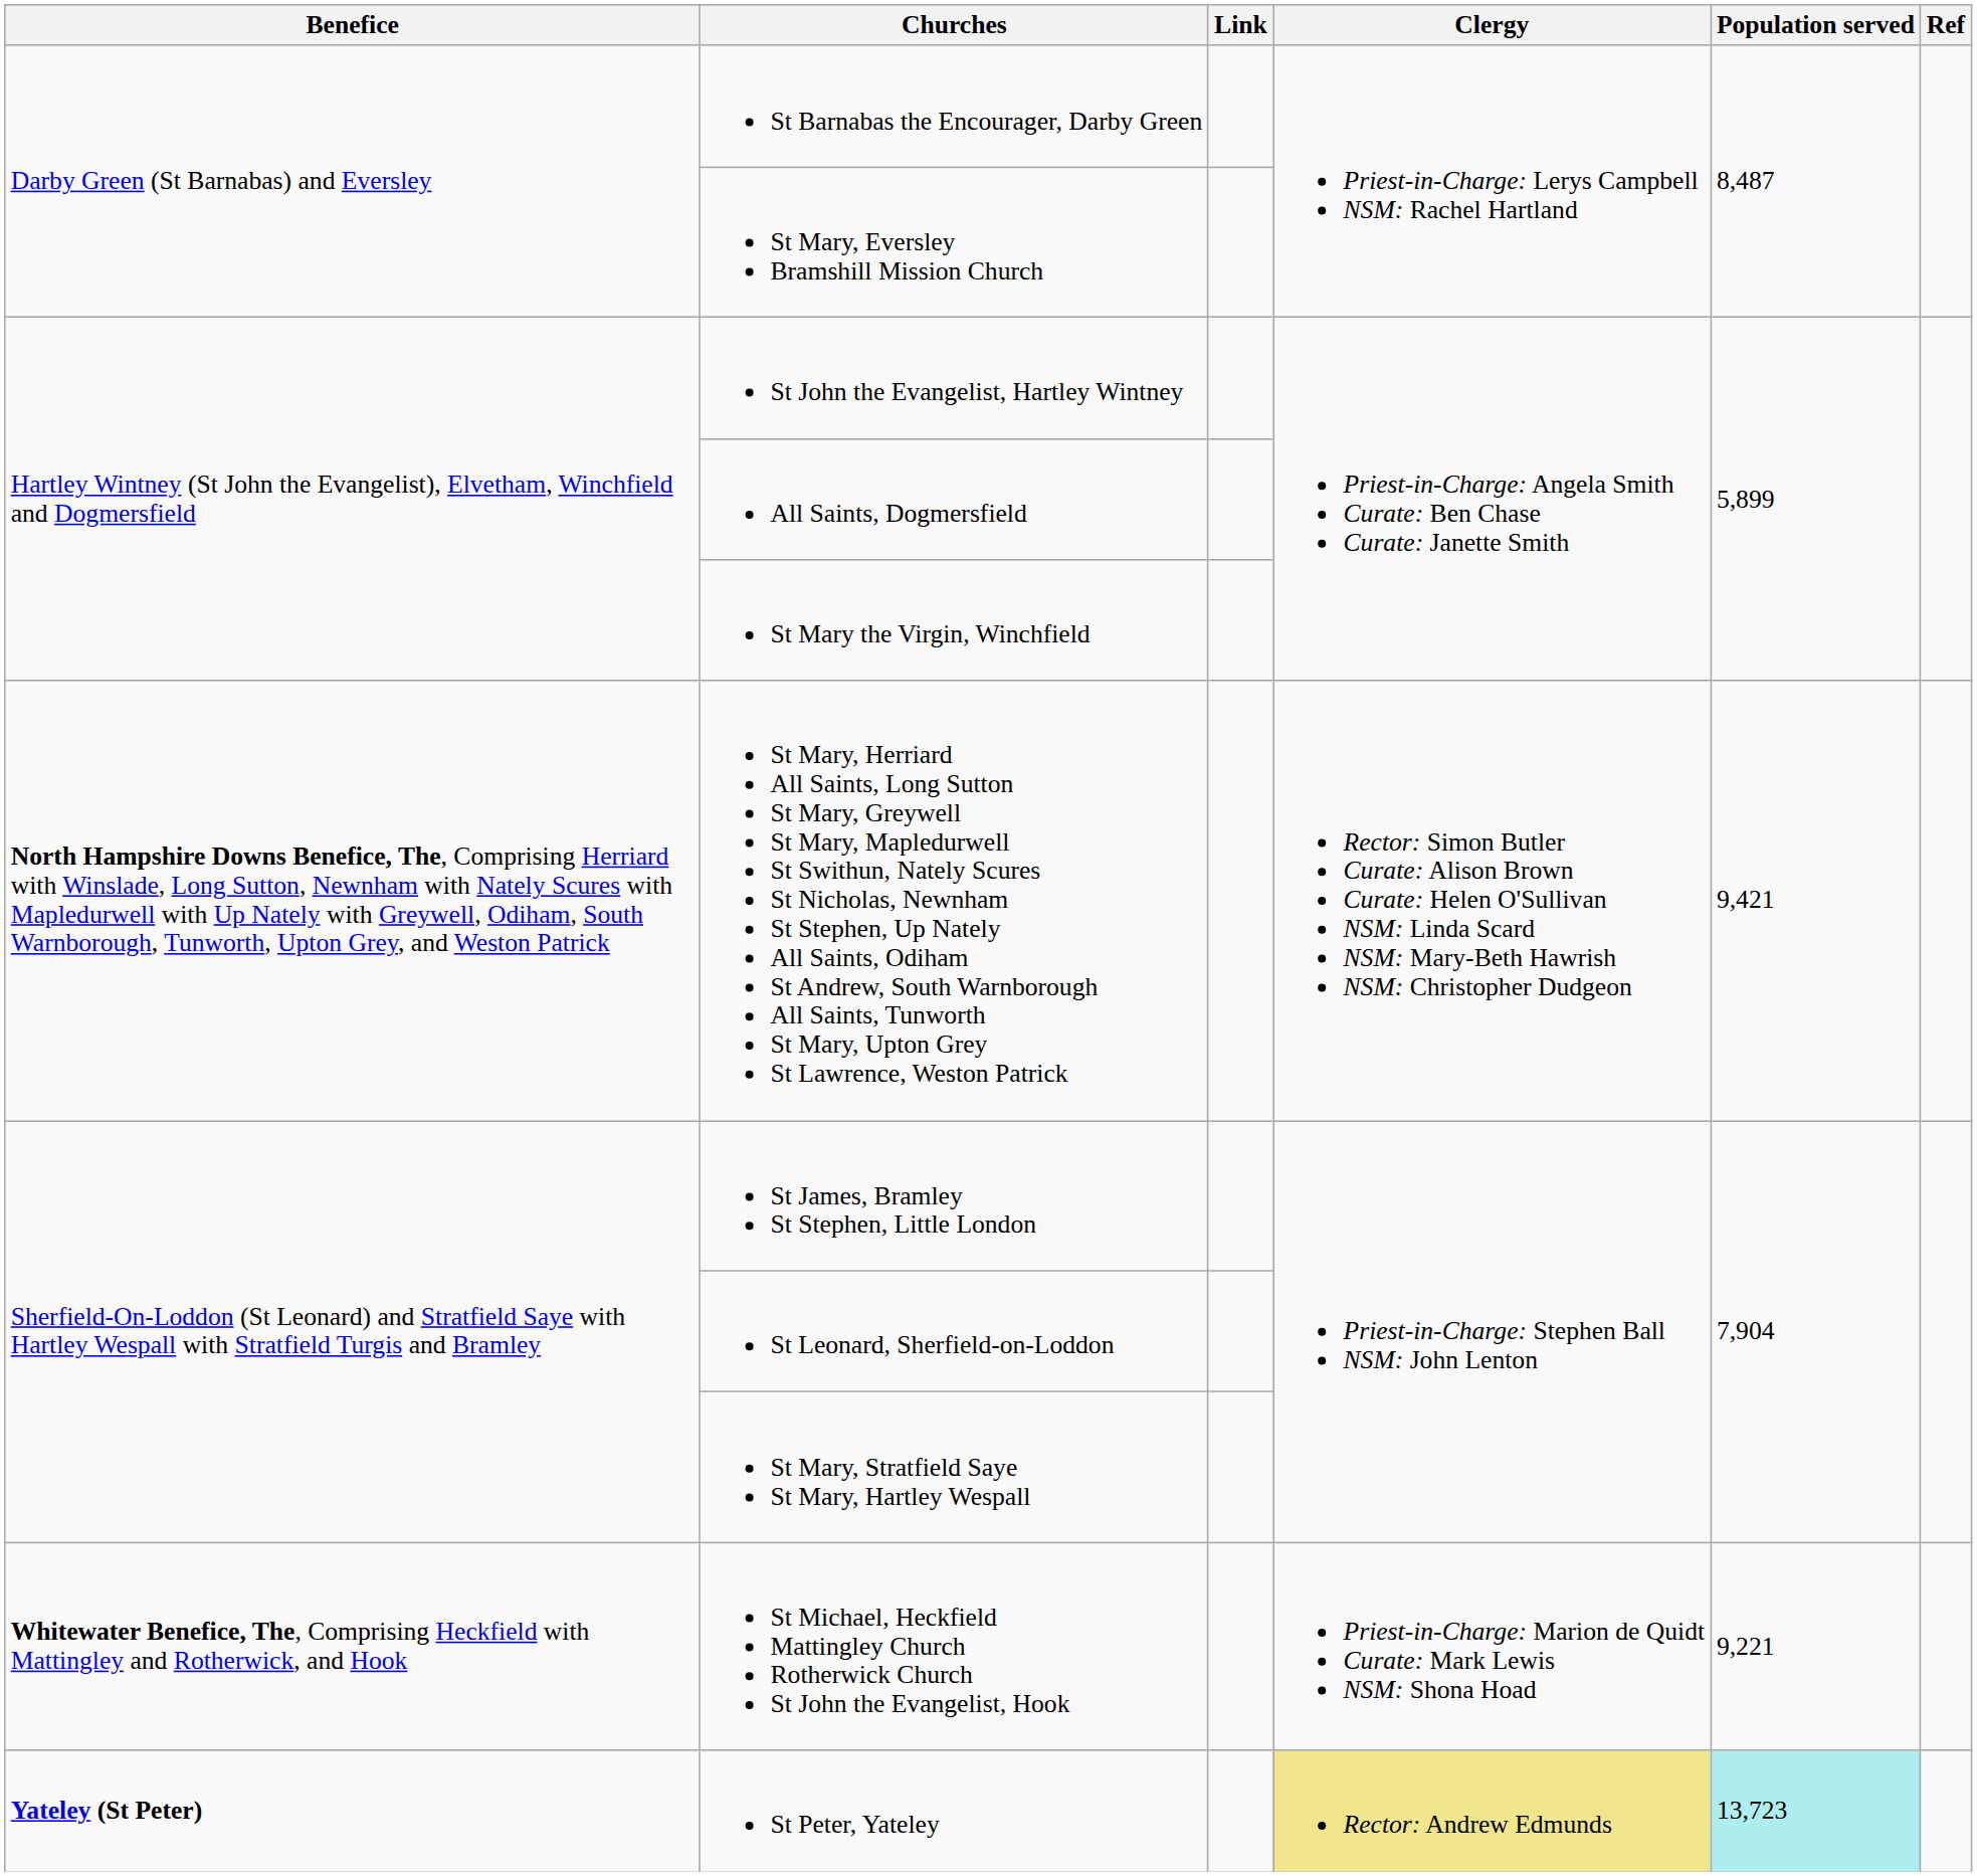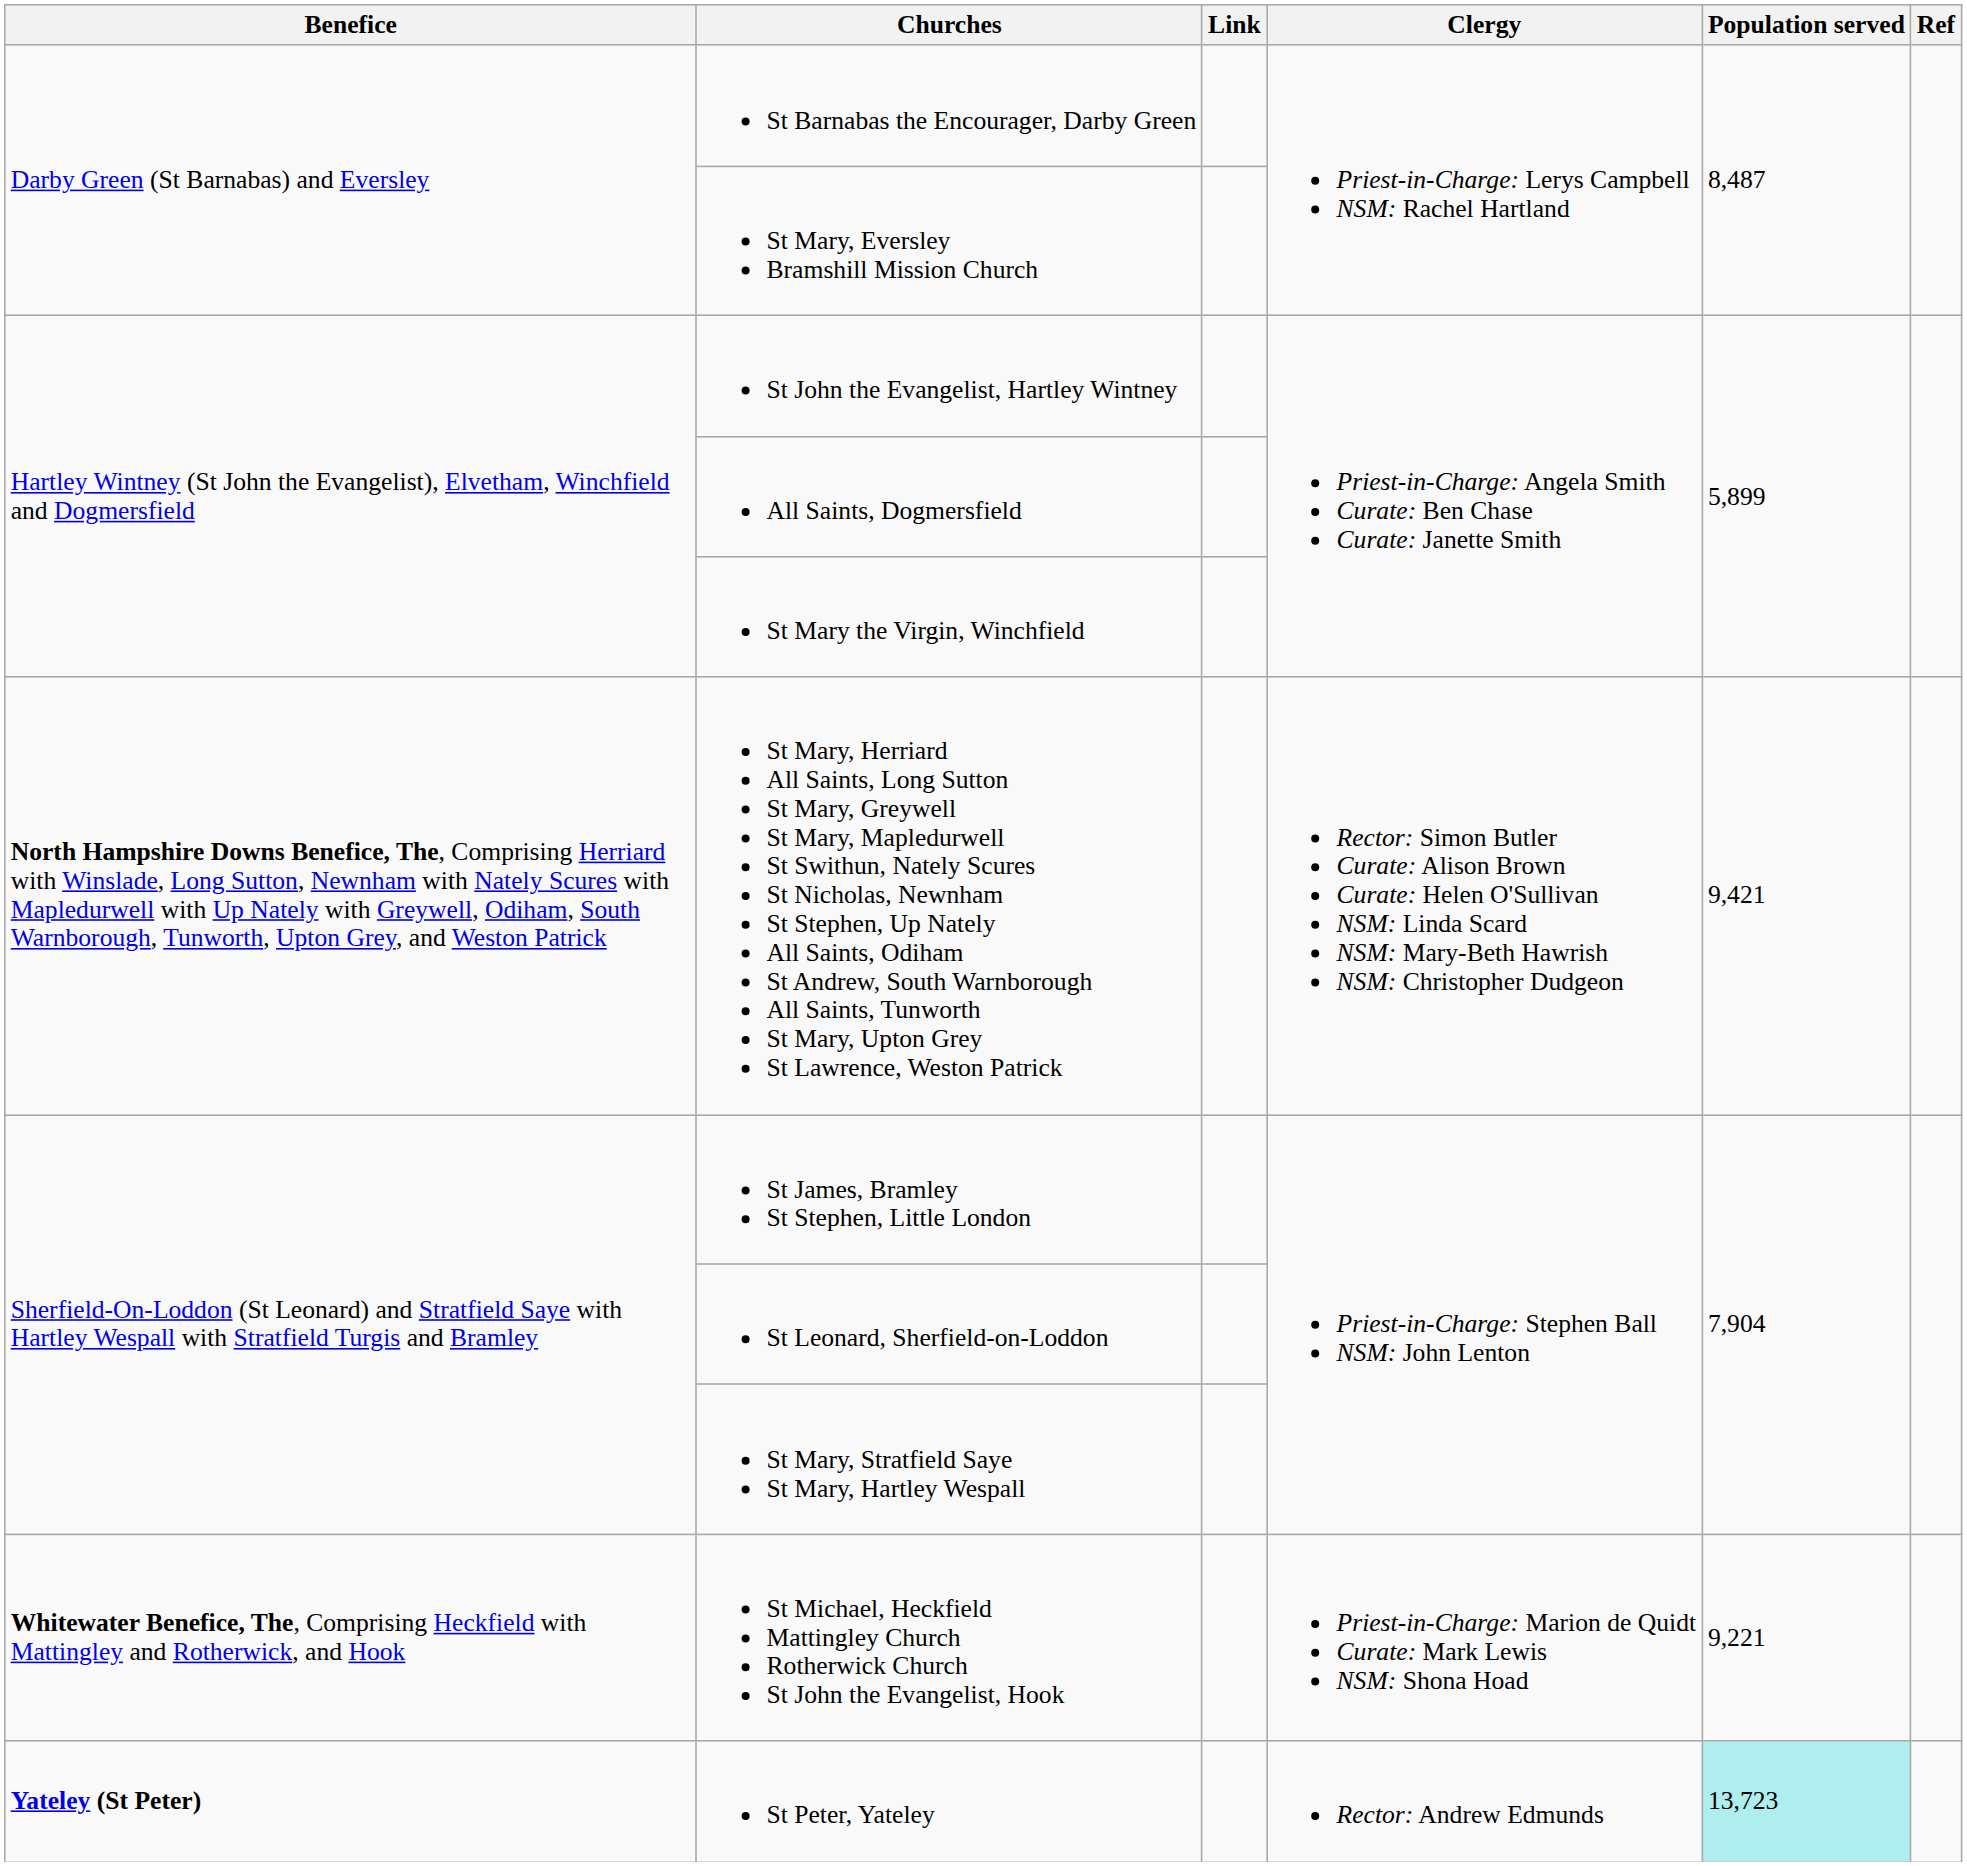 <table class="wikitable">
 <tr>
 <th style="width:425px;">Benefice</th>
 <th>Churches</th>
 <th>Link</th>
 <th>Clergy</th>
 <th>Population served</th>
 <th>Ref</th>
 </tr>
 <tr>
 <td rowspan="2"><a href='#'>Darby Green</a> (St Barnabas) and <a href='#'>Eversley</a></td>
 <td><br><ul><li>St Barnabas the Encourager, Darby Green</li></ul></td>
 <td></td>
 <td rowspan="2"><br><ul><li><em>Priest-in-Charge:</em> Lerys Campbell</li><li><em>NSM:</em> Rachel Hartland</li></ul></td>
 <td rowspan="2">8,487</td>
 <td rowspan="2"></td>
 </tr>
 <tr>
 <td><br><ul><li>St Mary, Eversley</li><li>Bramshill Mission Church</li></ul></td>
 <td></td>
 </tr>
 <tr>
 <td rowspan="3"><a href='#'>Hartley Wintney</a> (St John the Evangelist), <a href='#'>Elvetham</a>, <a href='#'>Winchfield</a> and <a href='#'>Dogmersfield</a></td>
 <td><br><ul><li>St John the Evangelist, Hartley Wintney</li></ul></td>
 <td></td>
 <td rowspan="3"><br><ul><li><em>Priest-in-Charge:</em> Angela Smith</li><li><em>Curate:</em> Ben Chase</li><li><em>Curate:</em> Janette Smith</li></ul></td>
 <td rowspan="3">5,899</td>
 <td rowspan="3"></td>
 </tr>
 <tr>
 <td><br><ul><li>All Saints, Dogmersfield</li></ul></td>
 <td></td>
 </tr>
 <tr>
 <td><br><ul><li>St Mary the Virgin, Winchfield</li></ul></td>
 <td></td>
 </tr>
 <tr>
 <td><strong>North Hampshire Downs Benefice, The</strong>, Comprising <a href='#'>Herriard</a> with <a href='#'>Winslade</a>, <a href='#'>Long Sutton</a>, <a href='#'>Newnham</a> with <a href='#'>Nately Scures</a> with <a href='#'>Mapledurwell</a> with <a href='#'>Up Nately</a> with <a href='#'>Greywell</a>, <a href='#'>Odiham</a>, <a href='#'>South Warnborough</a>, <a href='#'>Tunworth</a>, <a href='#'>Upton Grey</a>, and <a href='#'>Weston Patrick</a></td>
 <td><br><ul><li>St Mary, Herriard</li><li>All Saints, Long Sutton</li><li>St Mary, Greywell</li><li>St Mary, Mapledurwell</li><li>St Swithun, Nately Scures</li><li>St Nicholas, Newnham</li><li>St Stephen, Up Nately</li><li>All Saints, Odiham </li><li>St Andrew, South Warnborough</li><li>All Saints, Tunworth</li><li>St Mary, Upton Grey </li><li>St Lawrence, Weston Patrick</li></ul></td>
 <td></td>
 <td><br><ul><li><em>Rector:</em> Simon Butler</li><li><em>Curate:</em> Alison Brown</li><li><em>Curate:</em> Helen O'Sullivan</li><li><em>NSM:</em> Linda Scard</li><li><em>NSM:</em> Mary-Beth Hawrish</li><li><em>NSM:</em> Christopher Dudgeon</li></ul></td>
 <td>9,421</td>
 <td></td>
 </tr>
 <tr>
 <td rowspan="3"><a href='#'>Sherfield-On-Loddon</a> (St Leonard) and <a href='#'>Stratfield Saye</a> with <a href='#'>Hartley Wespall</a> with <a href='#'>Stratfield Turgis</a> and <a href='#'>Bramley</a></td>
 <td><br><ul><li>St James, Bramley</li><li>St Stephen, Little London</li></ul></td>
 <td></td>
 <td rowspan="3"><br><ul><li><em>Priest-in-Charge:</em> Stephen Ball</li><li><em>NSM:</em> John Lenton</li></ul></td>
 <td rowspan="3">7,904</td>
 <td rowspan="3"></td>
 </tr>
 <tr>
 <td><br><ul><li>St Leonard, Sherfield-on-Loddon</li></ul></td>
 <td></td>
 </tr>
 <tr>
 <td><br><ul><li>St Mary, Stratfield Saye</li><li>St Mary, Hartley Wespall</li></ul></td>
 <td></td>
 </tr>
 <tr>
 <td><strong>Whitewater Benefice, The</strong>, Comprising <a href='#'>Heckfield</a> with <a href='#'>Mattingley</a> and <a href='#'>Rotherwick</a>, and <a href='#'>Hook</a></td>
 <td><br><ul><li>St Michael, Heckfield</li><li>Mattingley Church</li><li>Rotherwick Church</li><li>St John the Evangelist, Hook</li></ul></td>
 <td></td>
 <td><br><ul><li><em>Priest-in-Charge:</em> Marion de Quidt</li><li><em>Curate:</em> Mark Lewis</li><li><em>NSM:</em> Shona Hoad</li></ul></td>
 <td>9,221</td>
 <td></td>
 </tr>
 <tr>
 <td><strong><a href='#'>Yateley</a> (St Peter)</strong></td>
 <td><br><ul><li>St Peter, Yateley</li></ul></td>
 <td></td>
-<td style="background: khaki;"><br><ul><li><em>Rector:</em> Andrew Edmunds</li></ul></td>
+<td><br><ul><li><em>Rector:</em> Andrew Edmunds</li></ul></td>
 <td style="background: paleturquoise;">13,723</td>
 <td></td>
 </tr>
 </table>
